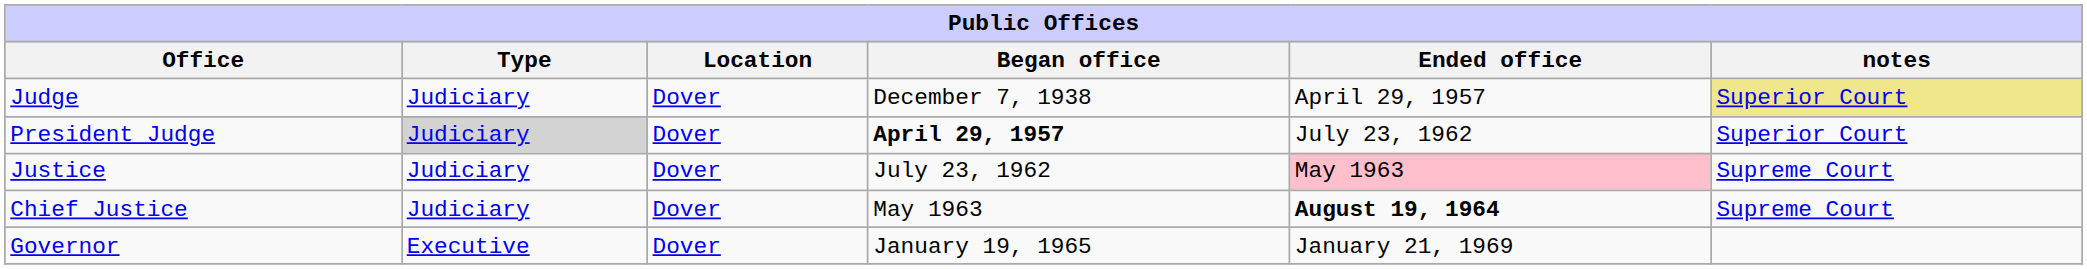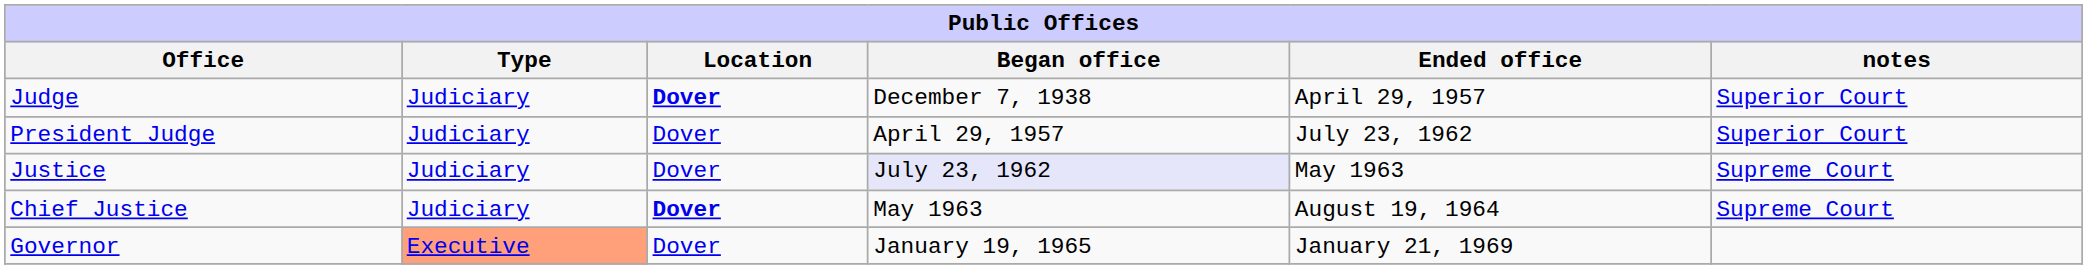 <table class=wikitable style="width: 94%" style="text-align: center;" align="center">
 <tr bgcolor=#cccccc>
 <th colspan=7 style="background: #ccccff;">Public Offices</th>
 </tr>
 <tr>
 <th><strong>Office</strong></th>
 <th><strong>Type</strong></th>
 <th><strong>Location</strong></th>
 <th><strong>Began office</strong></th>
 <th><strong>Ended office</strong></th>
 <th><strong>notes</strong></th>
 </tr>
 <tr>
 <td><a href='#'>Judge</a></td>
 <td><a href='#'>Judiciary</a></td>
-<td><a href='#'>Dover</a></td>
+<td><strong><a href='#'>Dover</a></strong></td>
 <td>December 7, 1938</td>
 <td>April 29, 1957</td>
-<td style="background: khaki;"><a href='#'>Superior Court</a></td>
+<td><a href='#'>Superior Court</a></td>
 </tr>
 <tr>
 <td><a href='#'>President Judge</a></td>
-<td style="background: lightgrey;"><a href='#'>Judiciary</a></td>
+<td><a href='#'>Judiciary</a></td>
 <td><a href='#'>Dover</a></td>
-<td><strong>April 29, 1957</strong></td>
+<td>April 29, 1957</td>
 <td>July 23, 1962</td>
 <td><a href='#'>Superior Court</a></td>
 </tr>
 <tr>
 <td><a href='#'>Justice</a></td>
 <td><a href='#'>Judiciary</a></td>
 <td><a href='#'>Dover</a></td>
-<td>July 23, 1962</td>
-<td style="background: pink;">May 1963</td>
+<td style="background: lavender;">July 23, 1962</td>
+<td>May 1963</td>
 <td><a href='#'>Supreme Court</a></td>
 </tr>
 <tr>
 <td><a href='#'>Chief Justice</a></td>
 <td><a href='#'>Judiciary</a></td>
-<td><a href='#'>Dover</a></td>
+<td><strong><a href='#'>Dover</a></strong></td>
 <td>May 1963</td>
-<td><strong>August 19, 1964</strong></td>
+<td>August 19, 1964</td>
 <td><a href='#'>Supreme Court</a></td>
 </tr>
 <tr>
 <td><a href='#'>Governor</a></td>
-<td><a href='#'>Executive</a></td>
+<td style="background: lightsalmon;"><a href='#'>Executive</a></td>
 <td><a href='#'>Dover</a></td>
 <td>January 19, 1965</td>
 <td>January 21, 1969</td>
 <td></td>
 </tr>
 </table>
